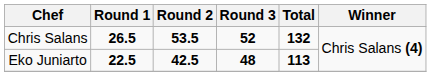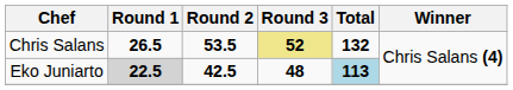 <table class="wikitable"  style="float:left; margin:auto; text-align:center;">
 <tr>
 <th>Chef</th>
 <th>Round 1</th>
 <th>Round 2</th>
 <th>Round 3</th>
 <th>Total</th>
 <th>Winner</th>
 </tr>
 <tr>
 <td>Chris Salans</td>
 <td><strong>26.5</strong></td>
 <td><strong>53.5</strong></td>
-<td><strong>52</strong></td>
+<td style="background: khaki;"><strong>52</strong></td>
 <td><strong>132</strong></td>
 <td rowspan=2>Chris Salans <strong>(4)</strong></td>
 </tr>
 <tr>
 <td>Eko Juniarto</td>
-<td><strong>22.5</strong></td>
+<td style="background: lightgrey;"><strong>22.5</strong></td>
 <td><strong>42.5</strong></td>
 <td><strong>48</strong></td>
-<td><strong>113</strong></td>
+<td style="background: lightblue;"><strong>113</strong></td>
 </tr>
 <tr>
 </tr>
 </table>
